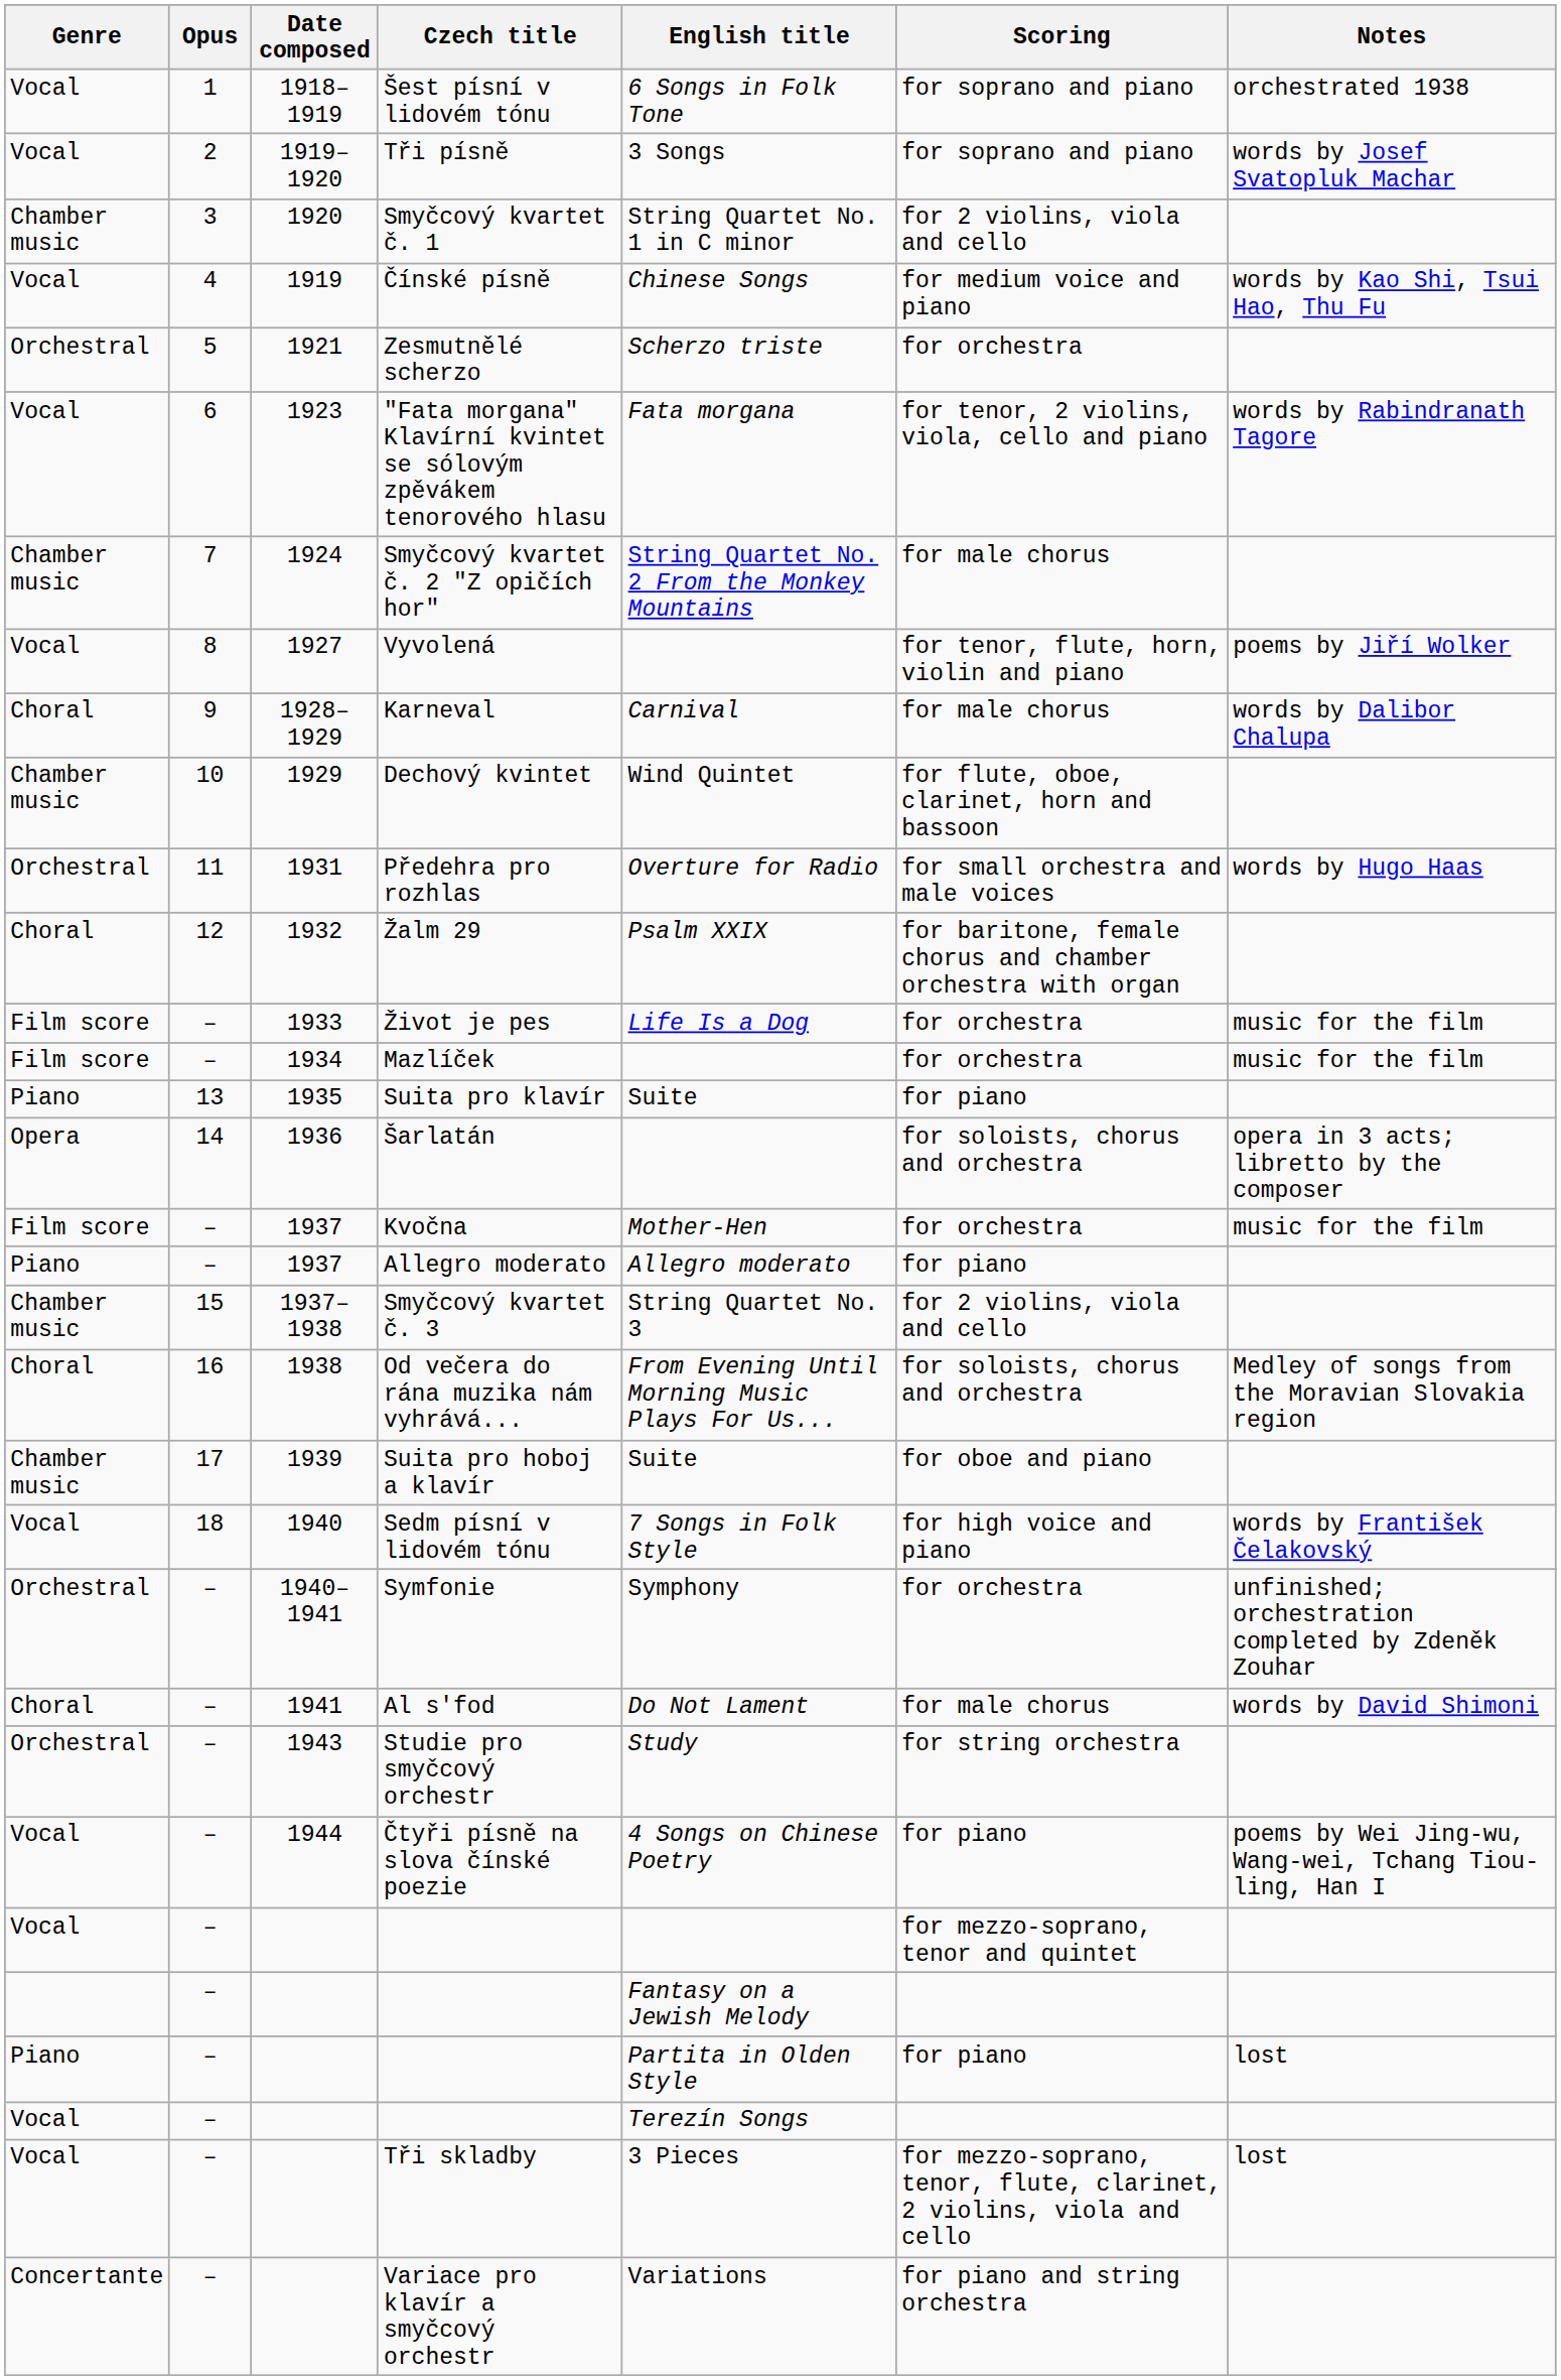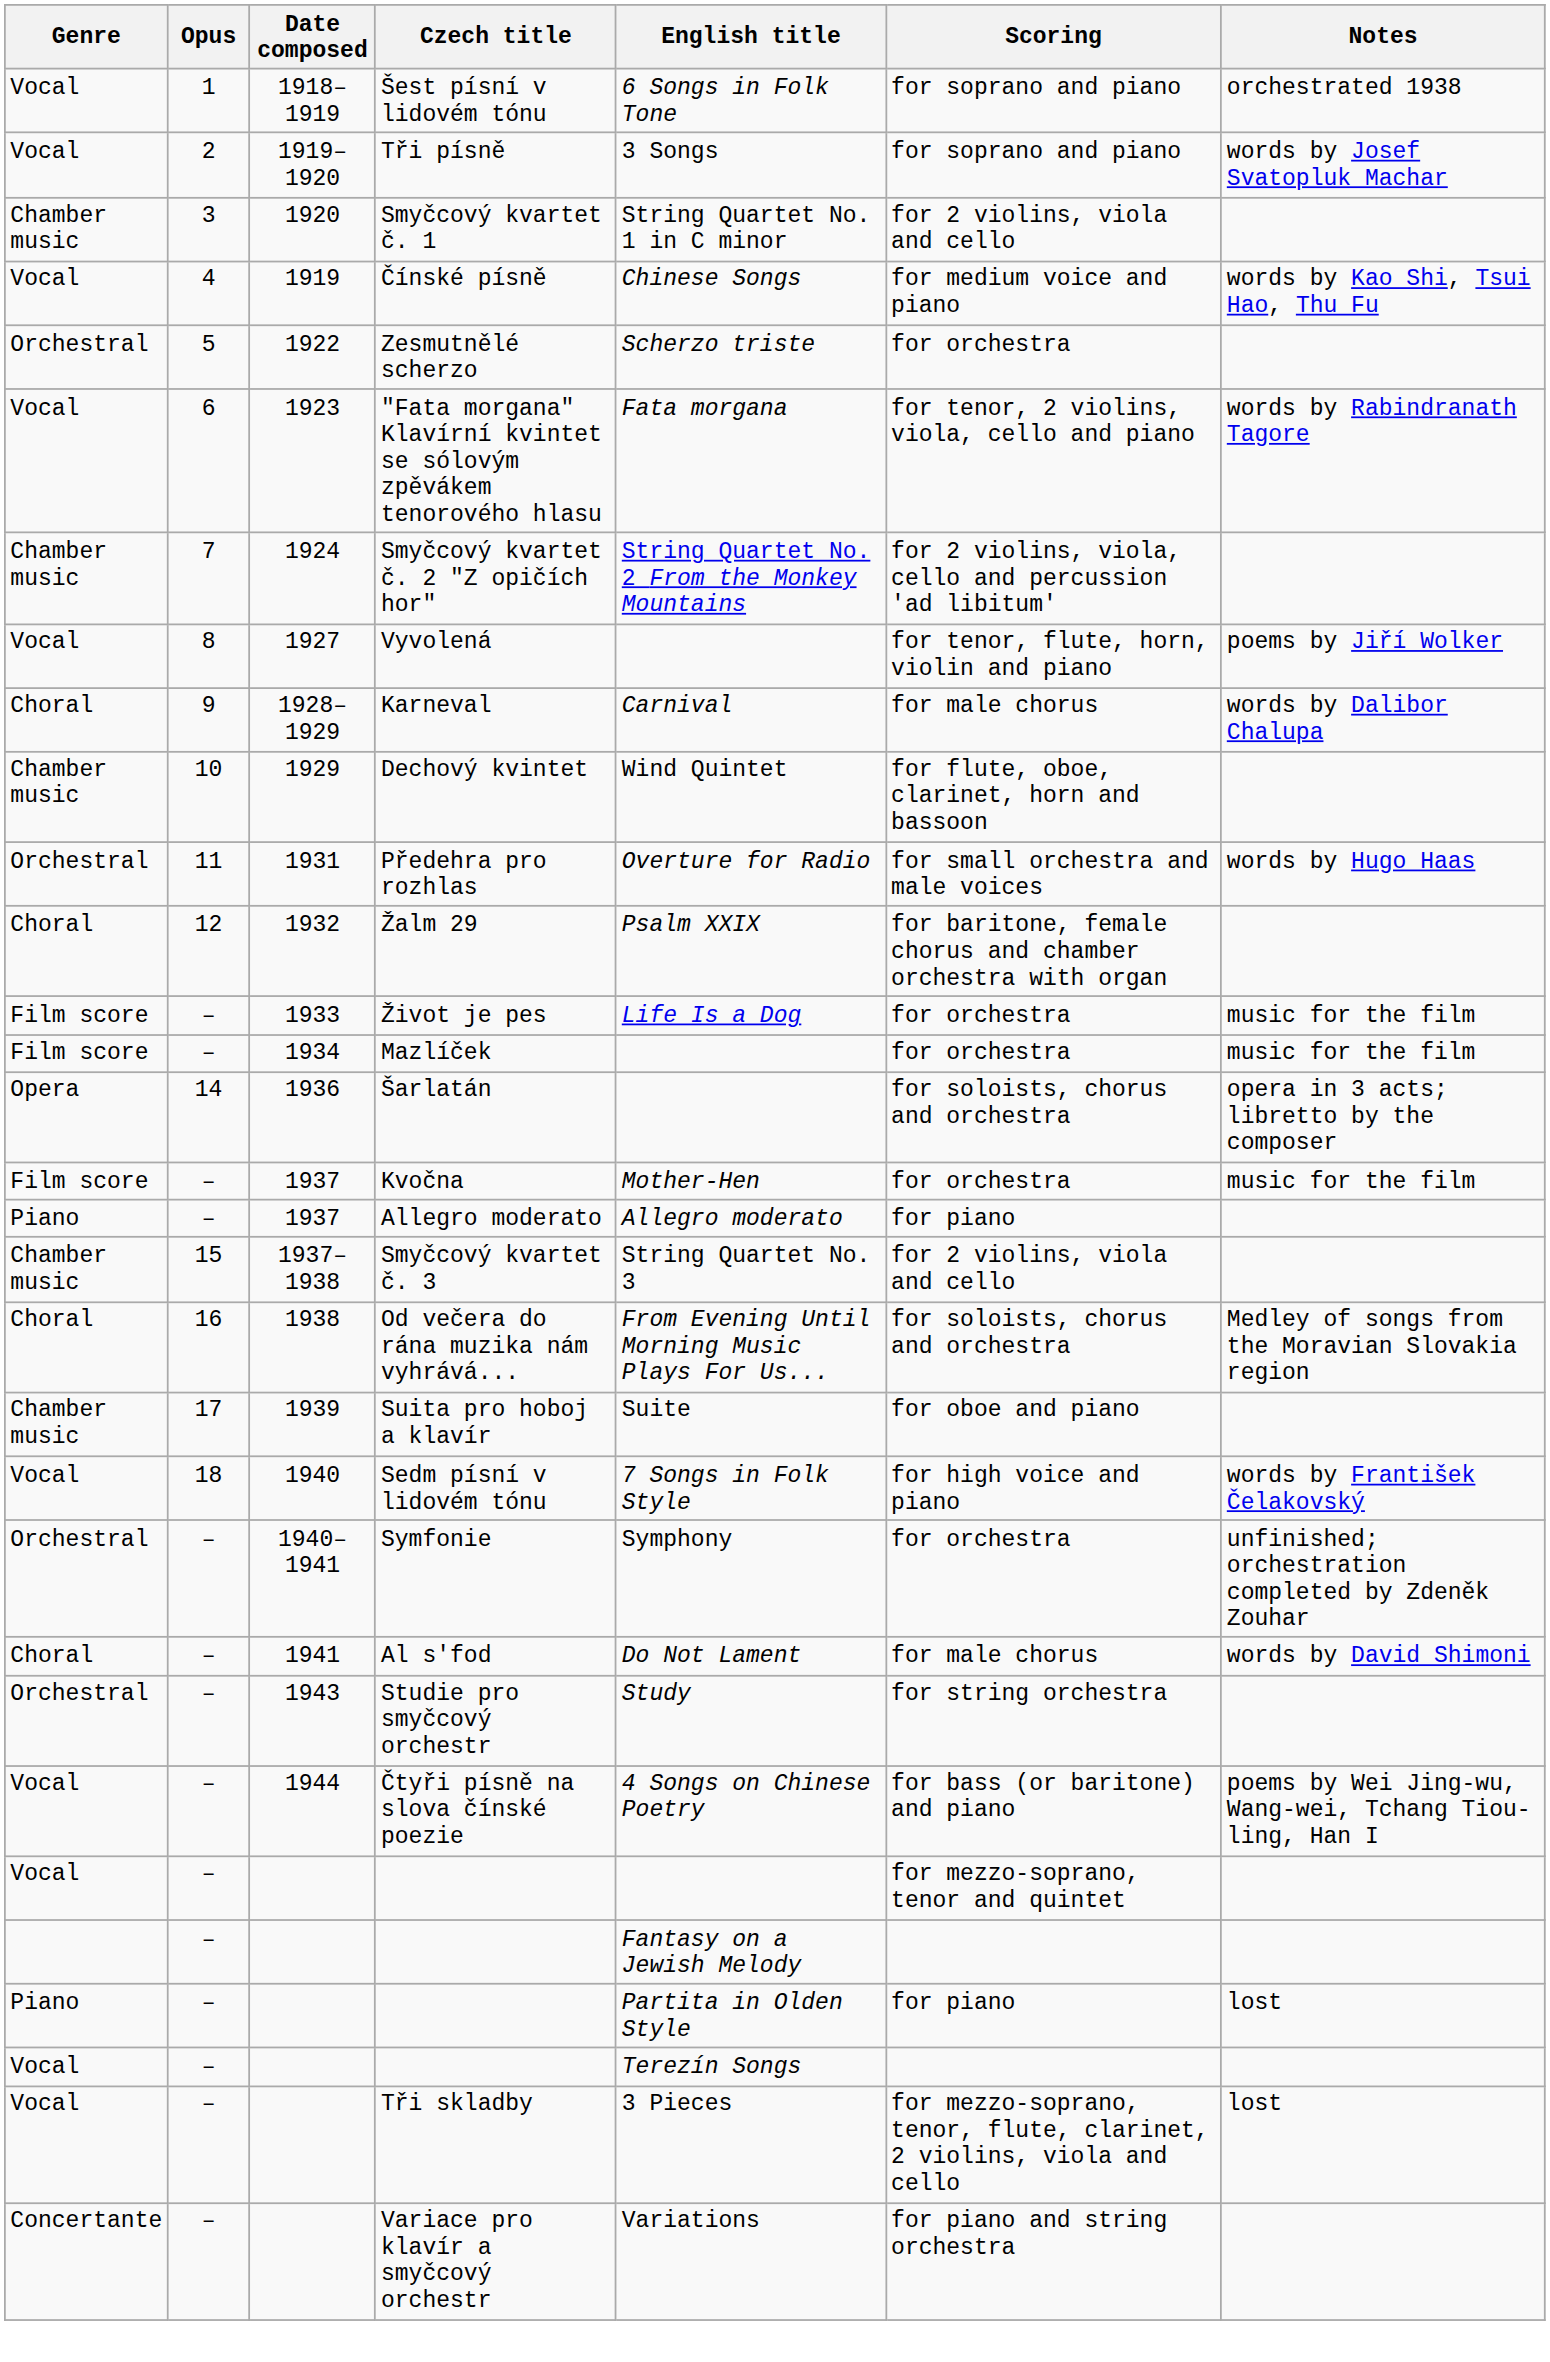 <table class="sortable wikitable" style="margins:auto; width=95%;">
 <tr>
 <th width="85">Genre</th>
 <th width="40">Opus</th>
 <th width="65">Date composed</th>
 <th>Czech title</th>
 <th>English title</th>
 <th>Scoring</th>
 <th>Notes</th>
 </tr>
 <tr valign="top">
 <td>Vocal</td>
 <td align=center>1</td>
 <td align=center>1918–1919</td>
 <td>Šest písní v lidovém tónu</td>
 <td><em>6 Songs in Folk Tone</em></td>
 <td>for soprano and piano</td>
 <td>orchestrated 1938</td>
 </tr>
 <tr valign="top">
 <td>Vocal</td>
 <td align=center>2</td>
 <td align=center>1919–1920</td>
 <td>Tři písně</td>
 <td>3 Songs</td>
 <td>for soprano and piano</td>
 <td>words by <a href='#'>Josef Svatopluk Machar</a></td>
 </tr>
 <tr valign="top">
 <td>Chamber music</td>
 <td align=center>3</td>
 <td align=center>1920</td>
 <td>Smyčcový kvartet č. 1</td>
 <td>String Quartet No. 1 in C minor</td>
 <td>for 2 violins, viola and cello</td>
 <td></td>
 </tr>
 <tr valign="top">
 <td>Vocal</td>
 <td align=center>4</td>
 <td align=center>1919</td>
 <td>Čínské písně</td>
 <td><em>Chinese Songs</em></td>
 <td>for medium voice and piano</td>
 <td>words by <a href='#'>Kao Shi</a>, <a href='#'>Tsui Hao</a>, <a href='#'>Thu Fu</a></td>
 </tr>
 <tr valign="top">
 <td>Orchestral</td>
 <td align=center>5</td>
-<td align=center>1921</td>
+<td align=center>1922</td>
 <td>Zesmutnělé scherzo</td>
 <td><em>Scherzo triste</em></td>
 <td>for orchestra</td>
 <td></td>
 </tr>
 <tr valign="top">
 <td>Vocal</td>
 <td align=center>6</td>
 <td align=center>1923</td>
 <td>"Fata morgana" Klavírní kvintet <br> se sólovým zpěvákem tenorového hlasu</td>
 <td><em>Fata morgana</em></td>
 <td>for tenor, 2 violins, viola, cello and piano</td>
 <td>words by <a href='#'>Rabindranath Tagore</a></td>
 </tr>
 <tr valign="top">
 <td>Chamber music</td>
 <td align=center>7</td>
 <td align=center>1924</td>
 <td>Smyčcový kvartet č. 2 "Z opičích hor"</td>
 <td><a href='#'>String Quartet No. 2 <em>From the Monkey Mountains</em></a></td>
-<td>for male chorus</td>
+<td>for 2 violins, viola, cello and percussion 'ad libitum'</td>
 <td></td>
 </tr>
 <tr valign="top">
 <td>Vocal</td>
 <td align=center>8</td>
 <td align=center>1927</td>
 <td>Vyvolená</td>
 <td><em></em></td>
 <td>for tenor, flute, horn, violin and piano</td>
 <td>poems by <a href='#'>Jiří Wolker</a></td>
 </tr>
 <tr valign="top">
 <td>Choral</td>
 <td align=center>9</td>
 <td align=center>1928–1929</td>
 <td>Karneval</td>
 <td><em>Carnival</em></td>
 <td>for male chorus</td>
 <td>words by <a href='#'>Dalibor Chalupa</a></td>
 </tr>
 <tr valign="top">
 <td>Chamber music</td>
 <td align=center>10</td>
 <td align=center>1929</td>
 <td>Dechový kvintet</td>
 <td>Wind Quintet</td>
 <td>for flute, oboe, clarinet, horn and bassoon</td>
 <td></td>
 </tr>
 <tr valign="top">
 <td>Orchestral</td>
 <td align=center>11</td>
 <td align=center>1931</td>
 <td>Předehra pro rozhlas</td>
 <td><em>Overture for Radio</em></td>
 <td>for small orchestra and male voices</td>
 <td>words by <a href='#'>Hugo Haas</a></td>
 </tr>
 <tr valign="top">
 <td>Choral</td>
 <td align=center>12</td>
 <td align=center>1932</td>
 <td>Žalm 29</td>
 <td><em>Psalm XXIX</em></td>
 <td>for baritone, female chorus and chamber orchestra with organ</td>
 <td></td>
 </tr>
 <tr valign="top">
 <td>Film score</td>
 <td align=center>–</td>
 <td align=center>1933</td>
 <td>Život je pes</td>
 <td><em><a href='#'>Life Is a Dog</a></em></td>
 <td>for orchestra</td>
 <td>music for the film</td>
 </tr>
 <tr valign="top">
 <td>Film score</td>
 <td align=center>–</td>
 <td align=center>1934</td>
 <td>Mazlíček</td>
 <td><em></em></td>
 <td>for orchestra</td>
 <td>music for the film</td>
-</tr>
-<tr valign="top">
-<td>Piano</td>
-<td align=center>13</td>
-<td align=center>1935</td>
-<td>Suita pro klavír</td>
-<td>Suite</td>
-<td>for piano</td>
-<td></td>
 </tr>
 <tr valign="top">
 <td>Opera</td>
 <td align=center>14</td>
 <td align=center>1936</td>
 <td>Šarlatán</td>
 <td><em></em></td>
 <td>for soloists, chorus and orchestra</td>
 <td>opera in 3 acts; libretto by the composer</td>
 </tr>
 <tr valign="top">
 <td>Film score</td>
 <td align=center>–</td>
 <td align=center>1937</td>
 <td>Kvočna</td>
 <td><em>Mother-Hen</em></td>
 <td>for orchestra</td>
 <td>music for the film</td>
 </tr>
 <tr valign="top">
 <td>Piano</td>
 <td align=center>–</td>
 <td align=center>1937</td>
 <td>Allegro moderato</td>
 <td><em>Allegro moderato</em></td>
 <td>for piano</td>
 <td></td>
 </tr>
 <tr valign="top">
 <td>Chamber music</td>
 <td align=center>15</td>
 <td align=center>1937–1938</td>
 <td>Smyčcový kvartet č. 3</td>
 <td>String Quartet No. 3</td>
 <td>for 2 violins, viola and cello</td>
 <td></td>
 </tr>
 <tr valign="top">
 <td>Choral</td>
 <td align=center>16</td>
 <td align=center>1938</td>
 <td>Od večera do rána muzika nám vyhrává...</td>
 <td><em>From Evening Until Morning Music Plays For Us...</em></td>
 <td>for soloists, chorus and orchestra</td>
 <td>Medley of songs from the Moravian Slovakia region</td>
 </tr>
 <tr valign="top">
 <td>Chamber music</td>
 <td align=center>17</td>
 <td align=center>1939</td>
 <td>Suita pro hoboj a klavír</td>
 <td>Suite</td>
 <td>for oboe and piano</td>
 <td></td>
 </tr>
 <tr valign="top">
 <td>Vocal</td>
 <td align=center>18</td>
 <td align=center>1940</td>
 <td>Sedm písní v lidovém tónu</td>
 <td><em>7 Songs in Folk Style</em></td>
 <td>for high voice and piano</td>
 <td>words by <a href='#'>František Čelakovský</a></td>
 </tr>
 <tr valign="top">
 <td>Orchestral</td>
 <td align=center>–</td>
 <td align=center>1940–1941</td>
 <td>Symfonie</td>
 <td>Symphony</td>
 <td>for orchestra</td>
 <td>unfinished; orchestration completed by Zdeněk Zouhar</td>
 </tr>
 <tr valign="top">
 <td>Choral</td>
 <td align=center>–</td>
 <td align=center>1941</td>
 <td>Al s'fod</td>
 <td><em>Do Not Lament</em></td>
 <td>for male chorus</td>
 <td>words by <a href='#'>David Shimoni</a></td>
 </tr>
 <tr valign="top">
 <td>Orchestral</td>
 <td align=center>–</td>
 <td align=center>1943</td>
 <td>Studie pro smyčcový orchestr</td>
 <td><em>Study</em></td>
 <td>for string orchestra</td>
 <td></td>
 </tr>
 <tr valign="top">
 <td>Vocal</td>
 <td align=center valign=top>–</td>
 <td align=center valign=top>1944</td>
 <td>Čtyři písně na slova čínské poezie </td>
 <td><em>4 Songs on Chinese Poetry</em> </td>
-<td>for piano</td>
+<td>for bass (or baritone) and piano</td>
 <td valign=top>poems by Wei Jing-wu, Wang-wei, Tchang Tiou-ling, Han I</td>
 </tr>
 <tr valign="top">
 <td>Vocal</td>
 <td align=center>–</td>
 <td align=center></td>
 <td></td>
 <td><em></em></td>
 <td>for mezzo-soprano, tenor and quintet</td>
 <td></td>
 </tr>
 <tr valign="top">
 <td></td>
 <td align=center>–</td>
 <td align=center></td>
 <td></td>
 <td><em>Fantasy on a Jewish Melody</em></td>
 <td></td>
 <td></td>
 </tr>
 <tr valign="top">
 <td>Piano</td>
 <td align=center>–</td>
 <td align=center></td>
 <td></td>
 <td><em>Partita in Olden Style</em></td>
 <td>for piano</td>
 <td>lost</td>
 </tr>
 <tr valign="top">
 <td>Vocal</td>
 <td align=center>–</td>
 <td align=center></td>
 <td></td>
 <td><em>Terezín Songs</em></td>
 <td></td>
 <td></td>
 </tr>
 <tr valign="top">
 <td>Vocal</td>
 <td align=center>–</td>
 <td align=center></td>
 <td>Tři skladby</td>
 <td>3 Pieces</td>
 <td>for mezzo-soprano, tenor, flute, clarinet, 2 violins, viola and cello</td>
 <td>lost</td>
 </tr>
 <tr valign="top">
 <td>Concertante</td>
 <td align=center>–</td>
 <td align=center></td>
 <td>Variace pro klavír a smyčcový orchestr</td>
 <td>Variations</td>
 <td>for piano and string orchestra</td>
 <td></td>
 </tr>
 </table>
